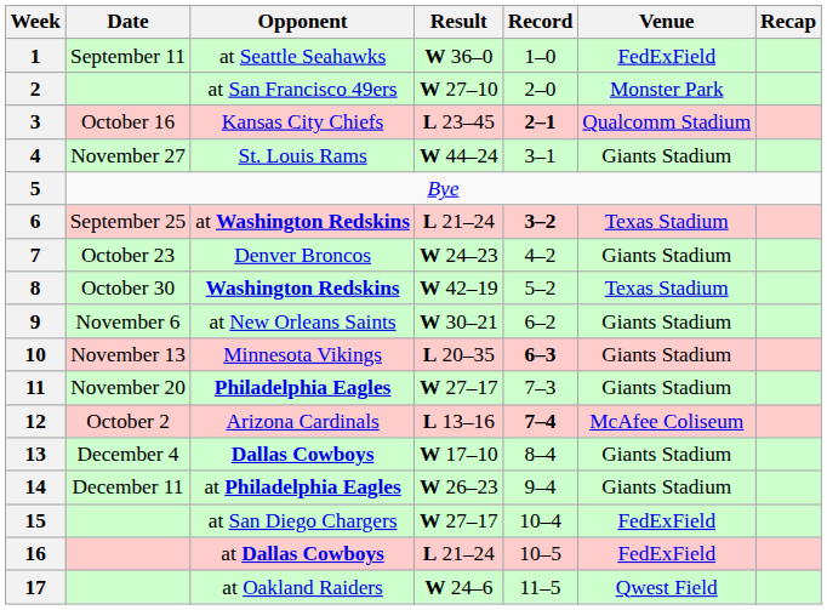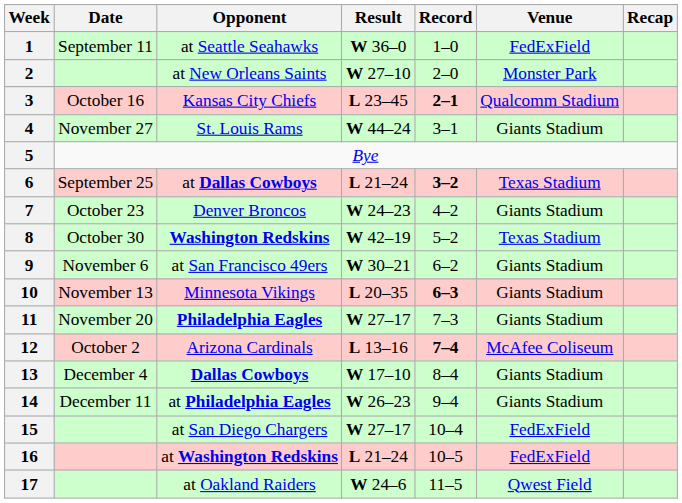 <table class="wikitable" style="text-align:center">
 <tr>
 <th>Week</th>
 <th>Date</th>
 <th>Opponent</th>
 <th>Result</th>
 <th>Record</th>
 <th>Venue</th>
 <th>Recap</th>
 </tr>
 <tr style="background: #cfc;">
 <th>1</th>
 <td>September 11</td>
 <td>at <a href='#'>Seattle Seahawks</a></td>
 <td><strong>W</strong> 36–0</td>
 <td>1–0</td>
 <td><a href='#'>FedExField</a></td>
 <td></td>
 </tr>
 <tr style="background: #cfc;">
 <th>2</th>
 <td></td>
-<td>at <a href='#'>San Francisco 49ers</a></td>
+<td>at <a href='#'>New Orleans Saints</a></td>
 <td><strong>W</strong> 27–10</td>
 <td>2–0</td>
 <td><a href='#'>Monster Park</a></td>
 <td></td>
 </tr>
 <tr style="background: #fcc;">
 <th>3</th>
 <td>October 16</td>
 <td><a href='#'>Kansas City Chiefs</a></td>
 <td><strong>L</strong> 23–45</td>
 <td><strong>2–1</strong></td>
 <td><a href='#'>Qualcomm Stadium</a></td>
 <td></td>
 </tr>
 <tr style="background: #cfc;">
 <th>4</th>
 <td>November 27</td>
 <td><a href='#'>St. Louis Rams</a></td>
 <td><strong>W</strong> 44–24</td>
 <td>3–1</td>
 <td>Giants Stadium</td>
 <td></td>
 </tr>
 <tr>
 <th>5</th>
 <td colspan=6 align="center"><em><a href='#'>Bye</a></em></td>
 </tr>
 <tr style="background: #fcc;">
 <th>6</th>
 <td>September 25</td>
-<td>at <strong><a href='#'>Washington Redskins</a></strong></td>
+<td>at <strong><a href='#'>Dallas Cowboys</a></strong></td>
 <td><strong>L</strong> 21–24 </td>
 <td><strong>3–2</strong></td>
 <td><a href='#'>Texas Stadium</a></td>
 <td></td>
 </tr>
 <tr style="background: #cfc">
 <th>7</th>
 <td>October 23</td>
 <td><a href='#'>Denver Broncos</a></td>
 <td><strong>W</strong> 24–23</td>
 <td>4–2</td>
 <td>Giants Stadium</td>
 <td></td>
 </tr>
 <tr style="background: #cfc;">
 <th>8</th>
 <td>October 30</td>
 <td><strong><a href='#'>Washington Redskins</a></strong></td>
 <td><strong>W</strong> 42–19</td>
 <td>5–2</td>
 <td><a href='#'>Texas Stadium</a></td>
 <td></td>
 </tr>
 <tr style="background: #cfc;">
 <th>9</th>
 <td>November 6</td>
-<td>at <a href='#'>New Orleans Saints</a></td>
+<td>at <a href='#'>San Francisco 49ers</a></td>
 <td><strong>W</strong> 30–21</td>
 <td>6–2</td>
 <td>Giants Stadium</td>
 <td></td>
 </tr>
 <tr style="background: #fcc;">
 <th>10</th>
 <td>November 13</td>
 <td><a href='#'>Minnesota Vikings</a></td>
 <td><strong>L</strong> 20–35</td>
 <td><strong>6–3</strong></td>
 <td>Giants Stadium</td>
 <td></td>
 </tr>
 <tr style="background: #cfc;">
 <th>11</th>
 <td>November 20</td>
 <td><strong><a href='#'>Philadelphia Eagles</a></strong></td>
 <td><strong>W</strong> 27–17</td>
 <td>7–3</td>
 <td>Giants Stadium</td>
 <td></td>
 </tr>
 <tr style="background: #fcc;">
 <th>12</th>
 <td>October 2</td>
 <td><a href='#'>Arizona Cardinals</a></td>
 <td><strong>L</strong> 13–16 </td>
 <td><strong>7–4</strong></td>
 <td><a href='#'>McAfee Coliseum</a></td>
 <td></td>
 </tr>
 <tr style="background: #cfc;">
 <th>13</th>
 <td>December 4</td>
 <td><strong><a href='#'>Dallas Cowboys</a></strong></td>
 <td><strong>W</strong> 17–10</td>
 <td>8–4</td>
 <td>Giants Stadium</td>
 <td></td>
 </tr>
 <tr style="background: #cfc;">
 <th>14</th>
 <td>December 11</td>
 <td>at <strong><a href='#'>Philadelphia Eagles</a></strong></td>
 <td><strong>W</strong> 26–23 </td>
 <td>9–4</td>
 <td>Giants Stadium</td>
 <td></td>
 </tr>
 <tr style="background: #cfc;">
 <th>15</th>
 <td></td>
 <td>at <a href='#'>San Diego Chargers</a></td>
 <td><strong>W</strong> 27–17</td>
 <td>10–4</td>
 <td><a href='#'>FedExField</a></td>
 <td></td>
 </tr>
 <tr style="background: #fcc;">
 <th>16</th>
 <td></td>
-<td>at <strong><a href='#'>Dallas Cowboys</a></strong></td>
+<td>at <strong><a href='#'>Washington Redskins</a></strong></td>
 <td><strong>L</strong> 21–24</td>
 <td>10–5</td>
 <td><a href='#'>FedExField</a></td>
 <td></td>
 </tr>
 <tr style="background: #cfc;">
 <th>17</th>
 <td></td>
 <td>at <a href='#'>Oakland Raiders</a></td>
 <td><strong>W</strong> 24–6</td>
 <td>11–5</td>
 <td><a href='#'>Qwest Field</a></td>
 <td></td>
 </tr>
 </table>
